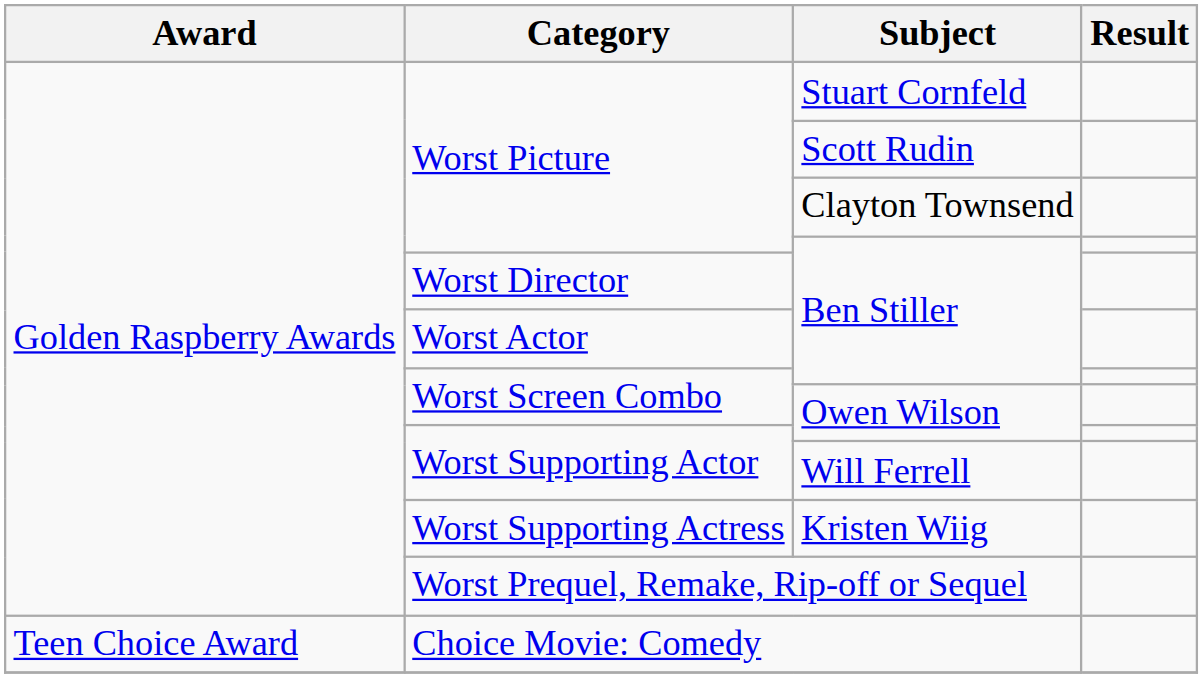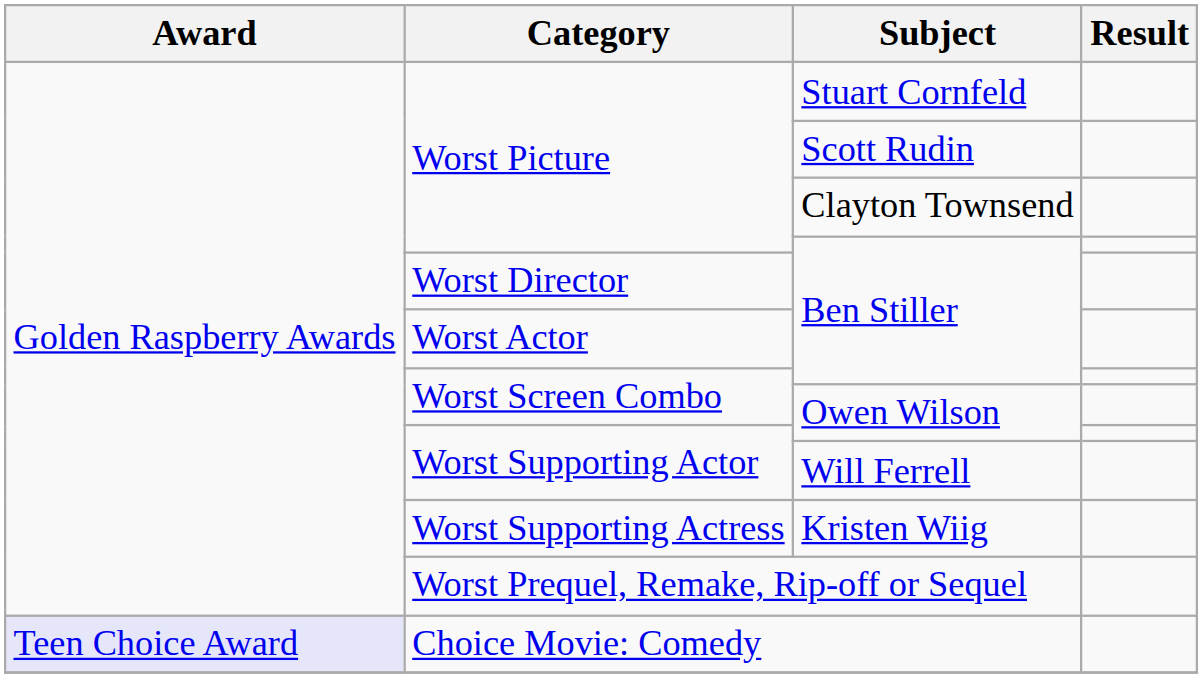 <table class="wikitable sortable plainrowheaders">
 <tr>
 <th>Award</th>
 <th>Category</th>
 <th>Subject</th>
 <th>Result</th>
 </tr>
 <tr>
 <td rowspan=12><a href='#'>Golden Raspberry Awards</a></td>
 <td rowspan=4><a href='#'>Worst Picture</a></td>
 <td><a href='#'>Stuart Cornfeld</a></td>
 <td></td>
 </tr>
 <tr>
 <td><a href='#'>Scott Rudin</a></td>
 <td></td>
 </tr>
 <tr>
 <td>Clayton Townsend</td>
 <td></td>
 </tr>
 <tr>
 <td rowspan=4><a href='#'>Ben Stiller</a></td>
 <td></td>
 </tr>
 <tr>
 <td><a href='#'>Worst Director</a></td>
 <td></td>
 </tr>
 <tr>
 <td><a href='#'>Worst Actor</a></td>
 <td></td>
 </tr>
 <tr>
 <td rowspan=2><a href='#'>Worst Screen Combo</a></td>
 <td></td>
 </tr>
 <tr>
 <td rowspan=2><a href='#'>Owen Wilson</a></td>
 <td></td>
 </tr>
 <tr>
 <td rowspan=2><a href='#'>Worst Supporting Actor</a></td>
 <td></td>
 </tr>
 <tr>
 <td><a href='#'>Will Ferrell</a></td>
 <td></td>
 </tr>
 <tr>
 <td><a href='#'>Worst Supporting Actress</a></td>
 <td><a href='#'>Kristen Wiig</a></td>
 <td></td>
 </tr>
 <tr>
 <td colspan=2><a href='#'>Worst Prequel, Remake, Rip-off or Sequel</a></td>
 <td></td>
 </tr>
 <tr>
-<td><a href='#'>Teen Choice Award</a></td>
+<td style="background: lavender;"><a href='#'>Teen Choice Award</a></td>
 <td colspan=2><a href='#'>Choice Movie: Comedy</a></td>
 <td></td>
 </tr>
 <tr>
 </tr>
 </table>
